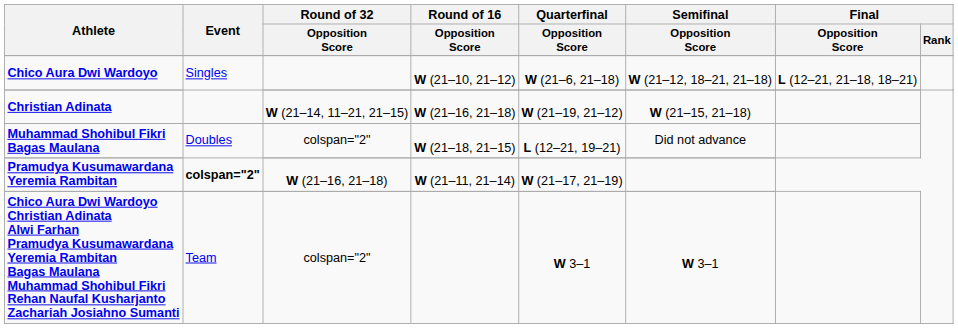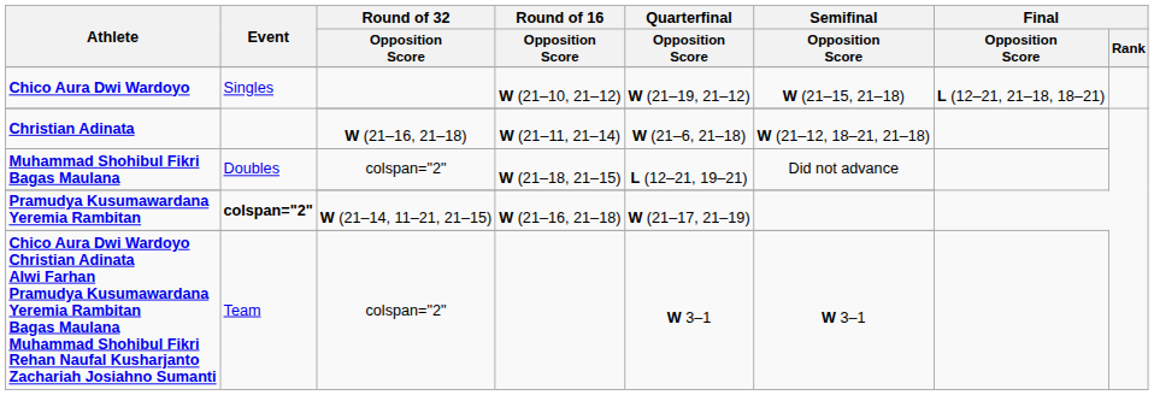 <table class="wikitable" style="font-size:85%">
 <tr>
 <th rowspan="2">Athlete</th>
 <th rowspan="2">Event</th>
 <th>Round of 32</th>
 <th>Round of 16</th>
 <th>Quarterfinal</th>
 <th>Semifinal</th>
 <th colspan=2>Final</th>
 </tr>
 <tr style="font-size:90%", align="center">
 <th>Opposition<br>Score</th>
 <th>Opposition<br>Score</th>
 <th>Opposition<br>Score</th>
 <th>Opposition<br>Score</th>
 <th>Opposition<br>Score</th>
 <th>Rank</th>
 </tr>
 <tr>
 </tr>
 <tr align="center">
 <td align="left"><strong><a href='#'>Chico Aura Dwi Wardoyo</a></strong></td>
 <td align="left" rowspan=2><a href='#'>Singles</a></td>
 <td></td>
 <td><br><strong>W</strong> (21–10, 21–12)</td>
-<td><br><strong>W</strong> (21–6, 21–18)</td>
-<td><br><strong>W</strong> (21–12, 18–21, 21–18)</td>
+<td><br><strong>W</strong> (21–19, 21–12)</td>
+<td><br><strong>W</strong> (21–15, 21–18)</td>
 <td><br><strong>L</strong> (12–21, 21–18, 18–21)</td>
 <td></td>
 </tr>
 <tr>
 </tr>
 <tr align="center">
 <td align="left"><strong><a href='#'>Christian Adinata</a></strong></td>
 <td></td>
-<td><br> <strong>W</strong> (21–14, 11–21, 21–15)</td>
 <td><br><strong>W</strong> (21–16, 21–18)</td>
-<td><br><strong>W</strong> (21–19, 21–12)</td>
-<td><br><strong>W</strong> (21–15, 21–18)</td>
+<td><br><strong>W</strong> (21–11, 21–14)</td>
+<td><br><strong>W</strong> (21–6, 21–18)</td>
+<td><br><strong>W</strong> (21–12, 18–21, 21–18)</td>
 <td></td>
 </tr>
 <tr>
 </tr>
 <tr align="center">
 <td align="left"><strong><a href='#'>Muhammad Shohibul Fikri</a><br><a href='#'>Bagas Maulana</a></strong></td>
 <td align="left" rowspan=2><a href='#'>Doubles</a></td>
 <td>colspan="2" </td>
 <td><br> <strong>W</strong> (21–18, 21–15)</td>
 <td><br><strong>L</strong> (12–21, 19–21)</td>
 <td>Did not advance</td>
 <td></td>
 </tr>
 <tr>
 </tr>
 <tr align="center">
 <td align="left"><strong><a href='#'>Pramudya Kusumawardana</a><br><a href='#'>Yeremia Rambitan</a></strong></td>
 <td><strong>colspan="2" </strong></td>
+<td><br> <strong>W</strong> (21–14, 11–21, 21–15)</td>
 <td><br><strong>W</strong> (21–16, 21–18)</td>
-<td><br><strong>W</strong> (21–11, 21–14)</td>
 <td><br><strong>W</strong> (21–17, 21–19)</td>
 <td></td>
 </tr>
 <tr>
 </tr>
 <tr align="center">
 <td align="left"><strong><a href='#'>Chico Aura Dwi Wardoyo</a><br><a href='#'>Christian Adinata</a><br><a href='#'>Alwi Farhan</a><br><a href='#'>Pramudya Kusumawardana</a><br><a href='#'>Yeremia Rambitan</a><br><a href='#'>Bagas Maulana</a><br><a href='#'>Muhammad Shohibul Fikri</a><br><a href='#'>Rehan Naufal Kusharjanto</a><br><a href='#'>Zachariah Josiahno Sumanti</a></strong></td>
 <td align="left"><a href='#'>Team</a></td>
 <td>colspan="2" </td>
 <td></td>
 <td><br><strong>W</strong> 3–1</td>
 <td><br><strong>W</strong> 3–1</td>
 <td></td>
 </tr>
 </table>
